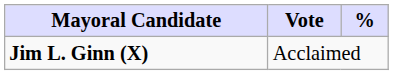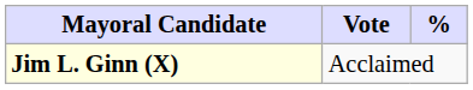 <table class="wikitable">
 <tr>
 <th style="background:#ddf; width:200px;">Mayoral Candidate</th>
 <th style="background:#ddf; width:50px;">Vote</th>
 <th style="background:#ddf; width:30px;">%</th>
 </tr>
 <tr>
-<td><strong>Jim L. Ginn (X)</strong></td>
+<td style="background: lightyellow;"><strong>Jim L. Ginn (X)</strong></td>
 <td colspan="2">Acclaimed</td>
 </tr>
 </table>
